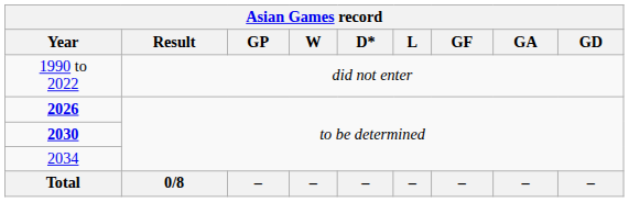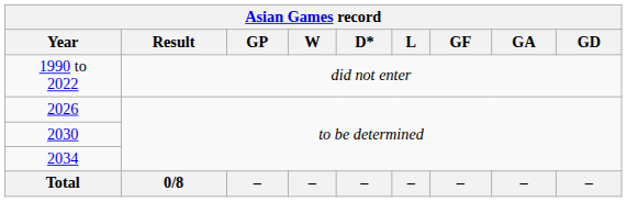 <table class="wikitable" style="text-align: center; width:50%;">
 <tr>
 <th colspan="9"><a href='#'>Asian Games</a> record</th>
 </tr>
 <tr>
 <th>Year</th>
 <th>Result</th>
 <th>GP</th>
 <th>W</th>
 <th>D*</th>
 <th>L</th>
 <th>GF</th>
 <th>GA</th>
 <th>GD</th>
 </tr>
 <tr>
 <td> <a href='#'>1990</a> to <br>  <a href='#'>2022</a></td>
 <td colspan=8><em>did not enter</em></td>
 </tr>
 <tr>
-<td><strong> <a href='#'>2026</a></strong></td>
+<td> <a href='#'>2026</a></td>
 <td colspan="8" rowspan="3"><em>to be determined</em></td>
 </tr>
 <tr>
-<td><strong> <a href='#'>2030</a></strong></td>
+<td> <a href='#'>2030</a></td>
 </tr>
 <tr>
 <td> <a href='#'>2034</a></td>
 </tr>
 <tr style="background:#f0f0f0;font-weight:bold;">
 <th>Total</th>
 <th>0/8</th>
 <th>–</th>
 <th>–</th>
 <th>–</th>
 <th>–</th>
 <th>–</th>
 <th>–</th>
 <th>–</th>
 </tr>
 </table>
